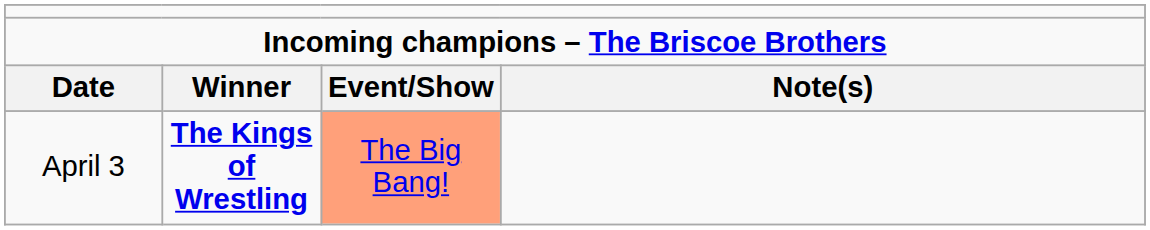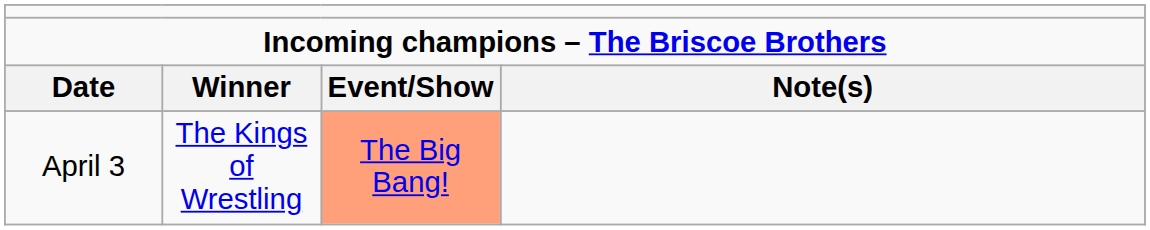 <table class="wikitable" style="text-align:center; width:100%;">
 <tr>
 <td colspan="5"></td>
 </tr>
 <tr>
 <td colspan="5"><strong>Incoming champions – <a href='#'>The Briscoe Brothers</a> </strong></td>
 </tr>
 <tr>
 <th width=14%>Date</th>
 <th width=14%>Winner</th>
 <th width=14%>Event/Show</th>
 <th width=58%>Note(s)</th>
 </tr>
 <tr>
 <td>April 3</td>
-<td><strong><a href='#'>The Kings of Wrestling</a><br></strong></td>
+<td><a href='#'>The Kings of Wrestling</a><br></td>
 <td style="background: lightsalmon;"><a href='#'>The Big Bang!</a></td>
 <td align="left"></td>
 </tr>
 </table>
